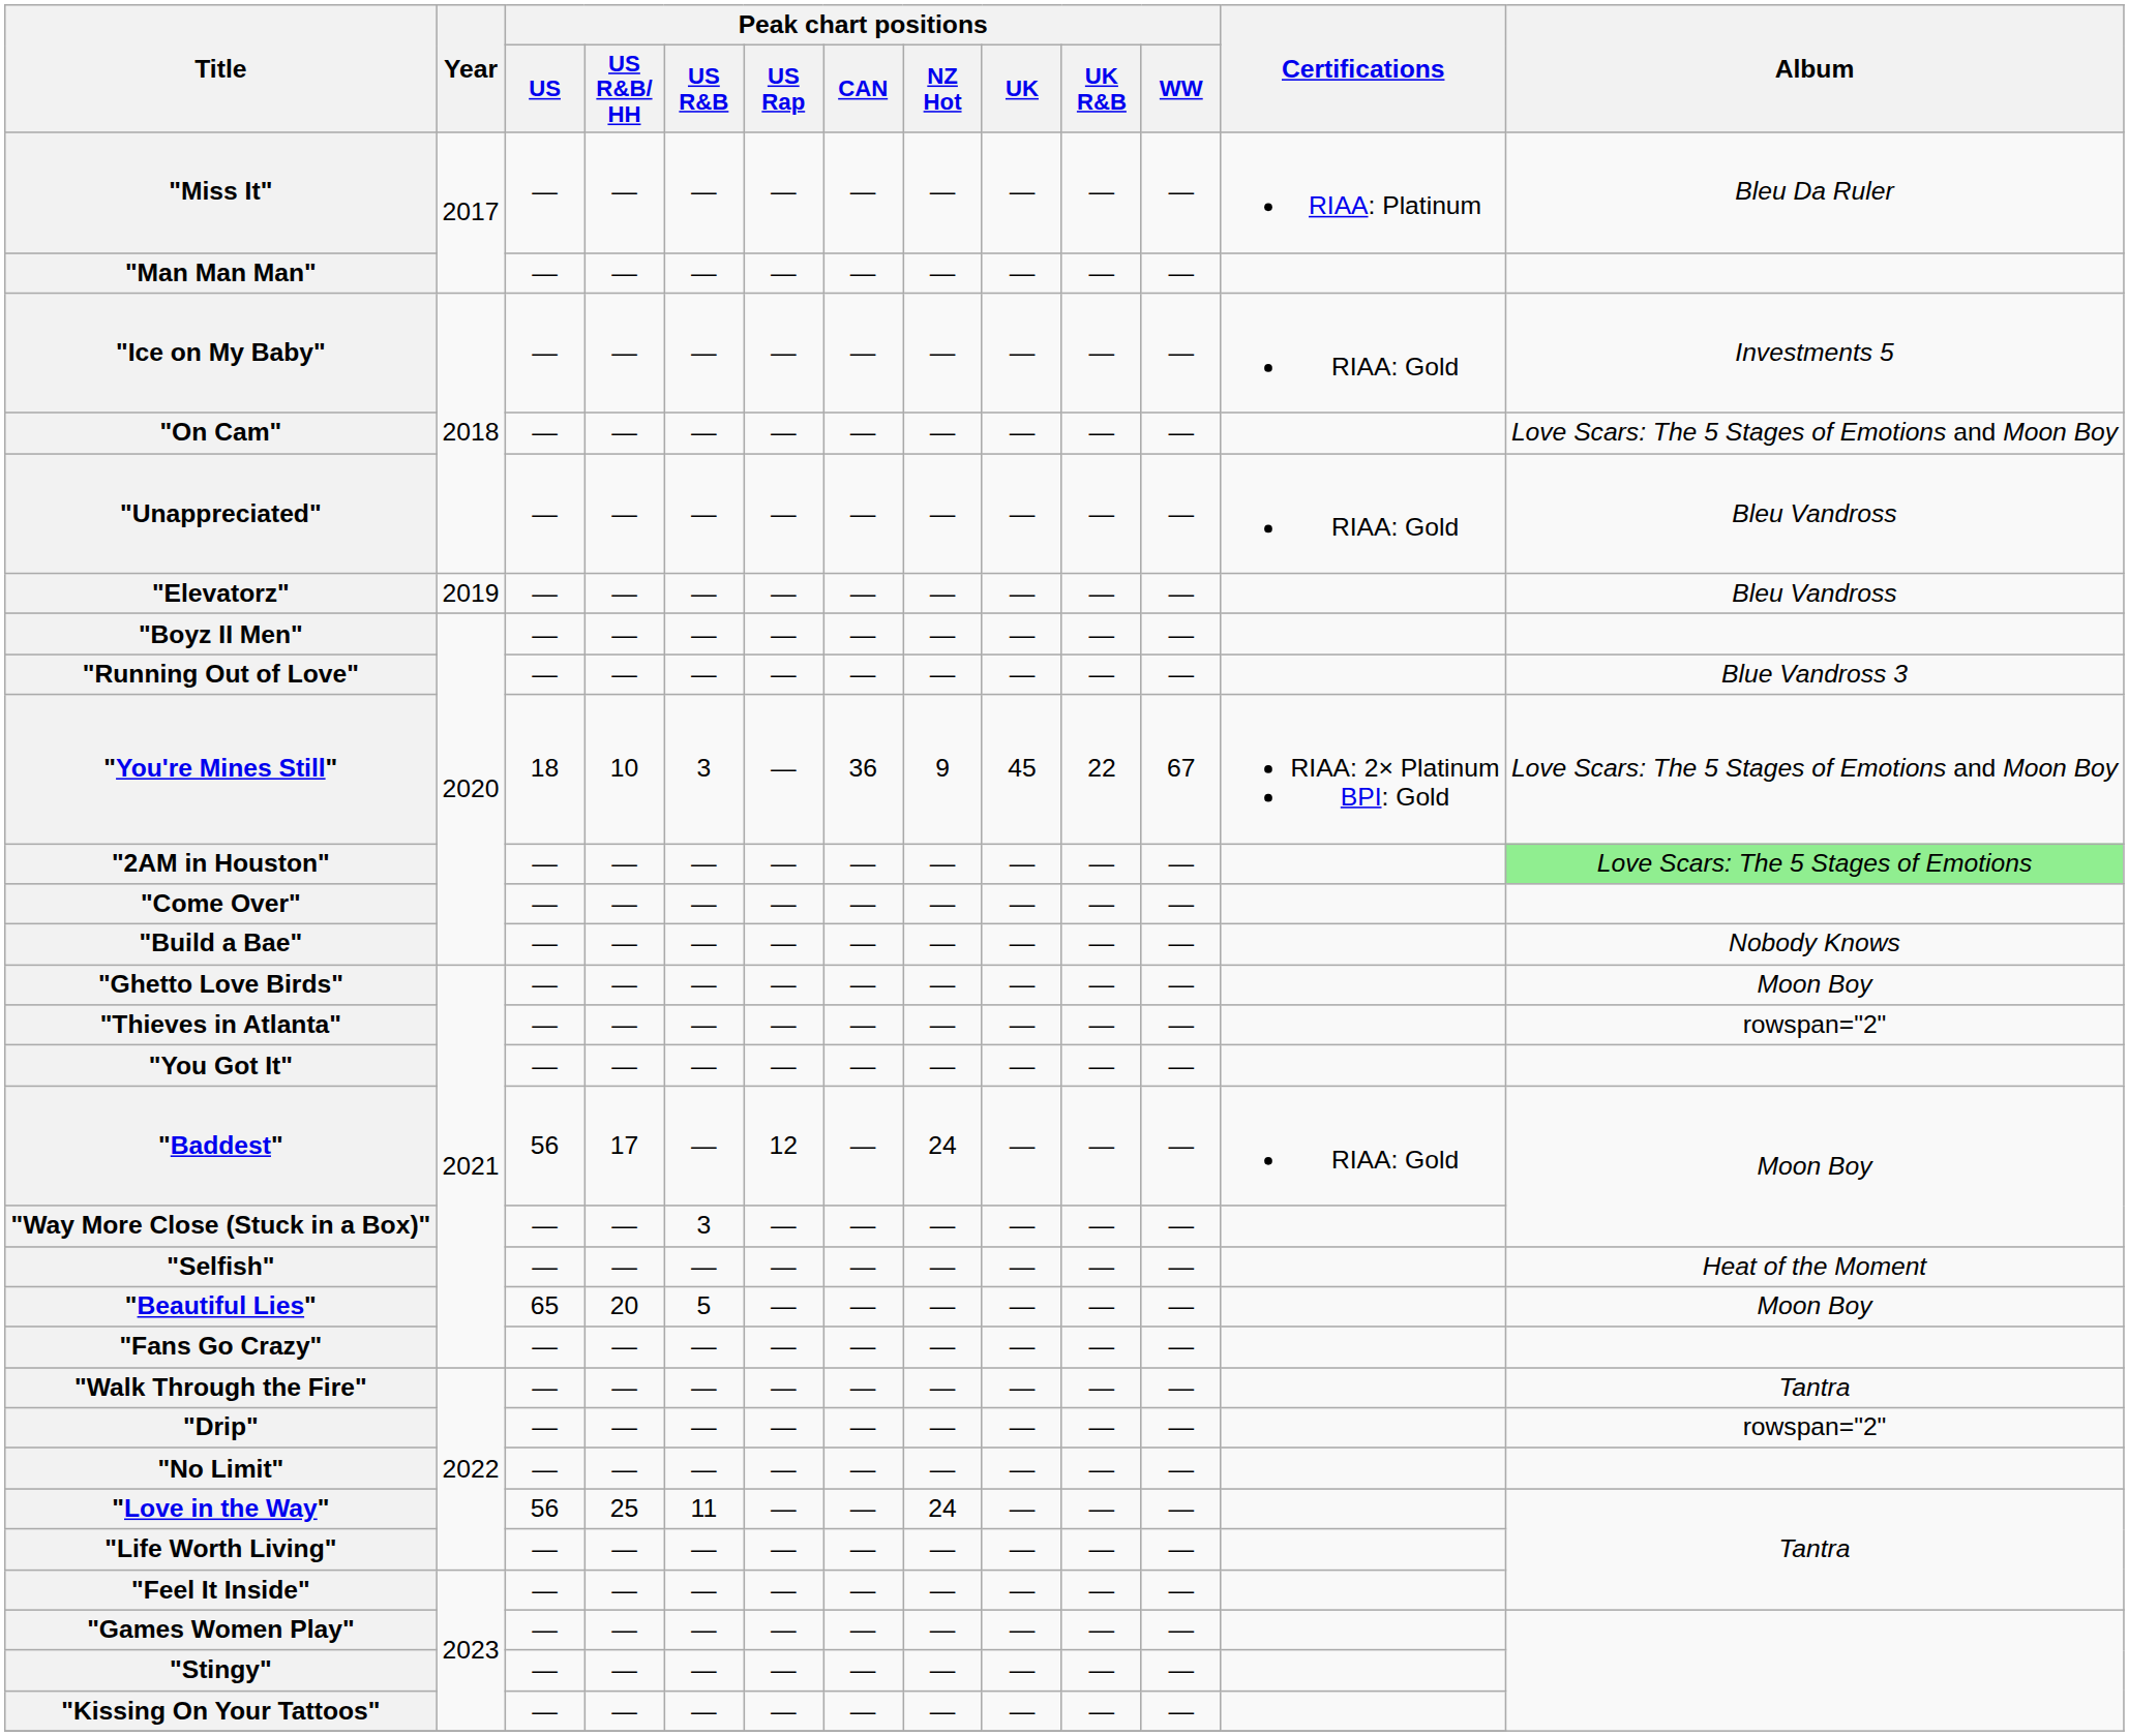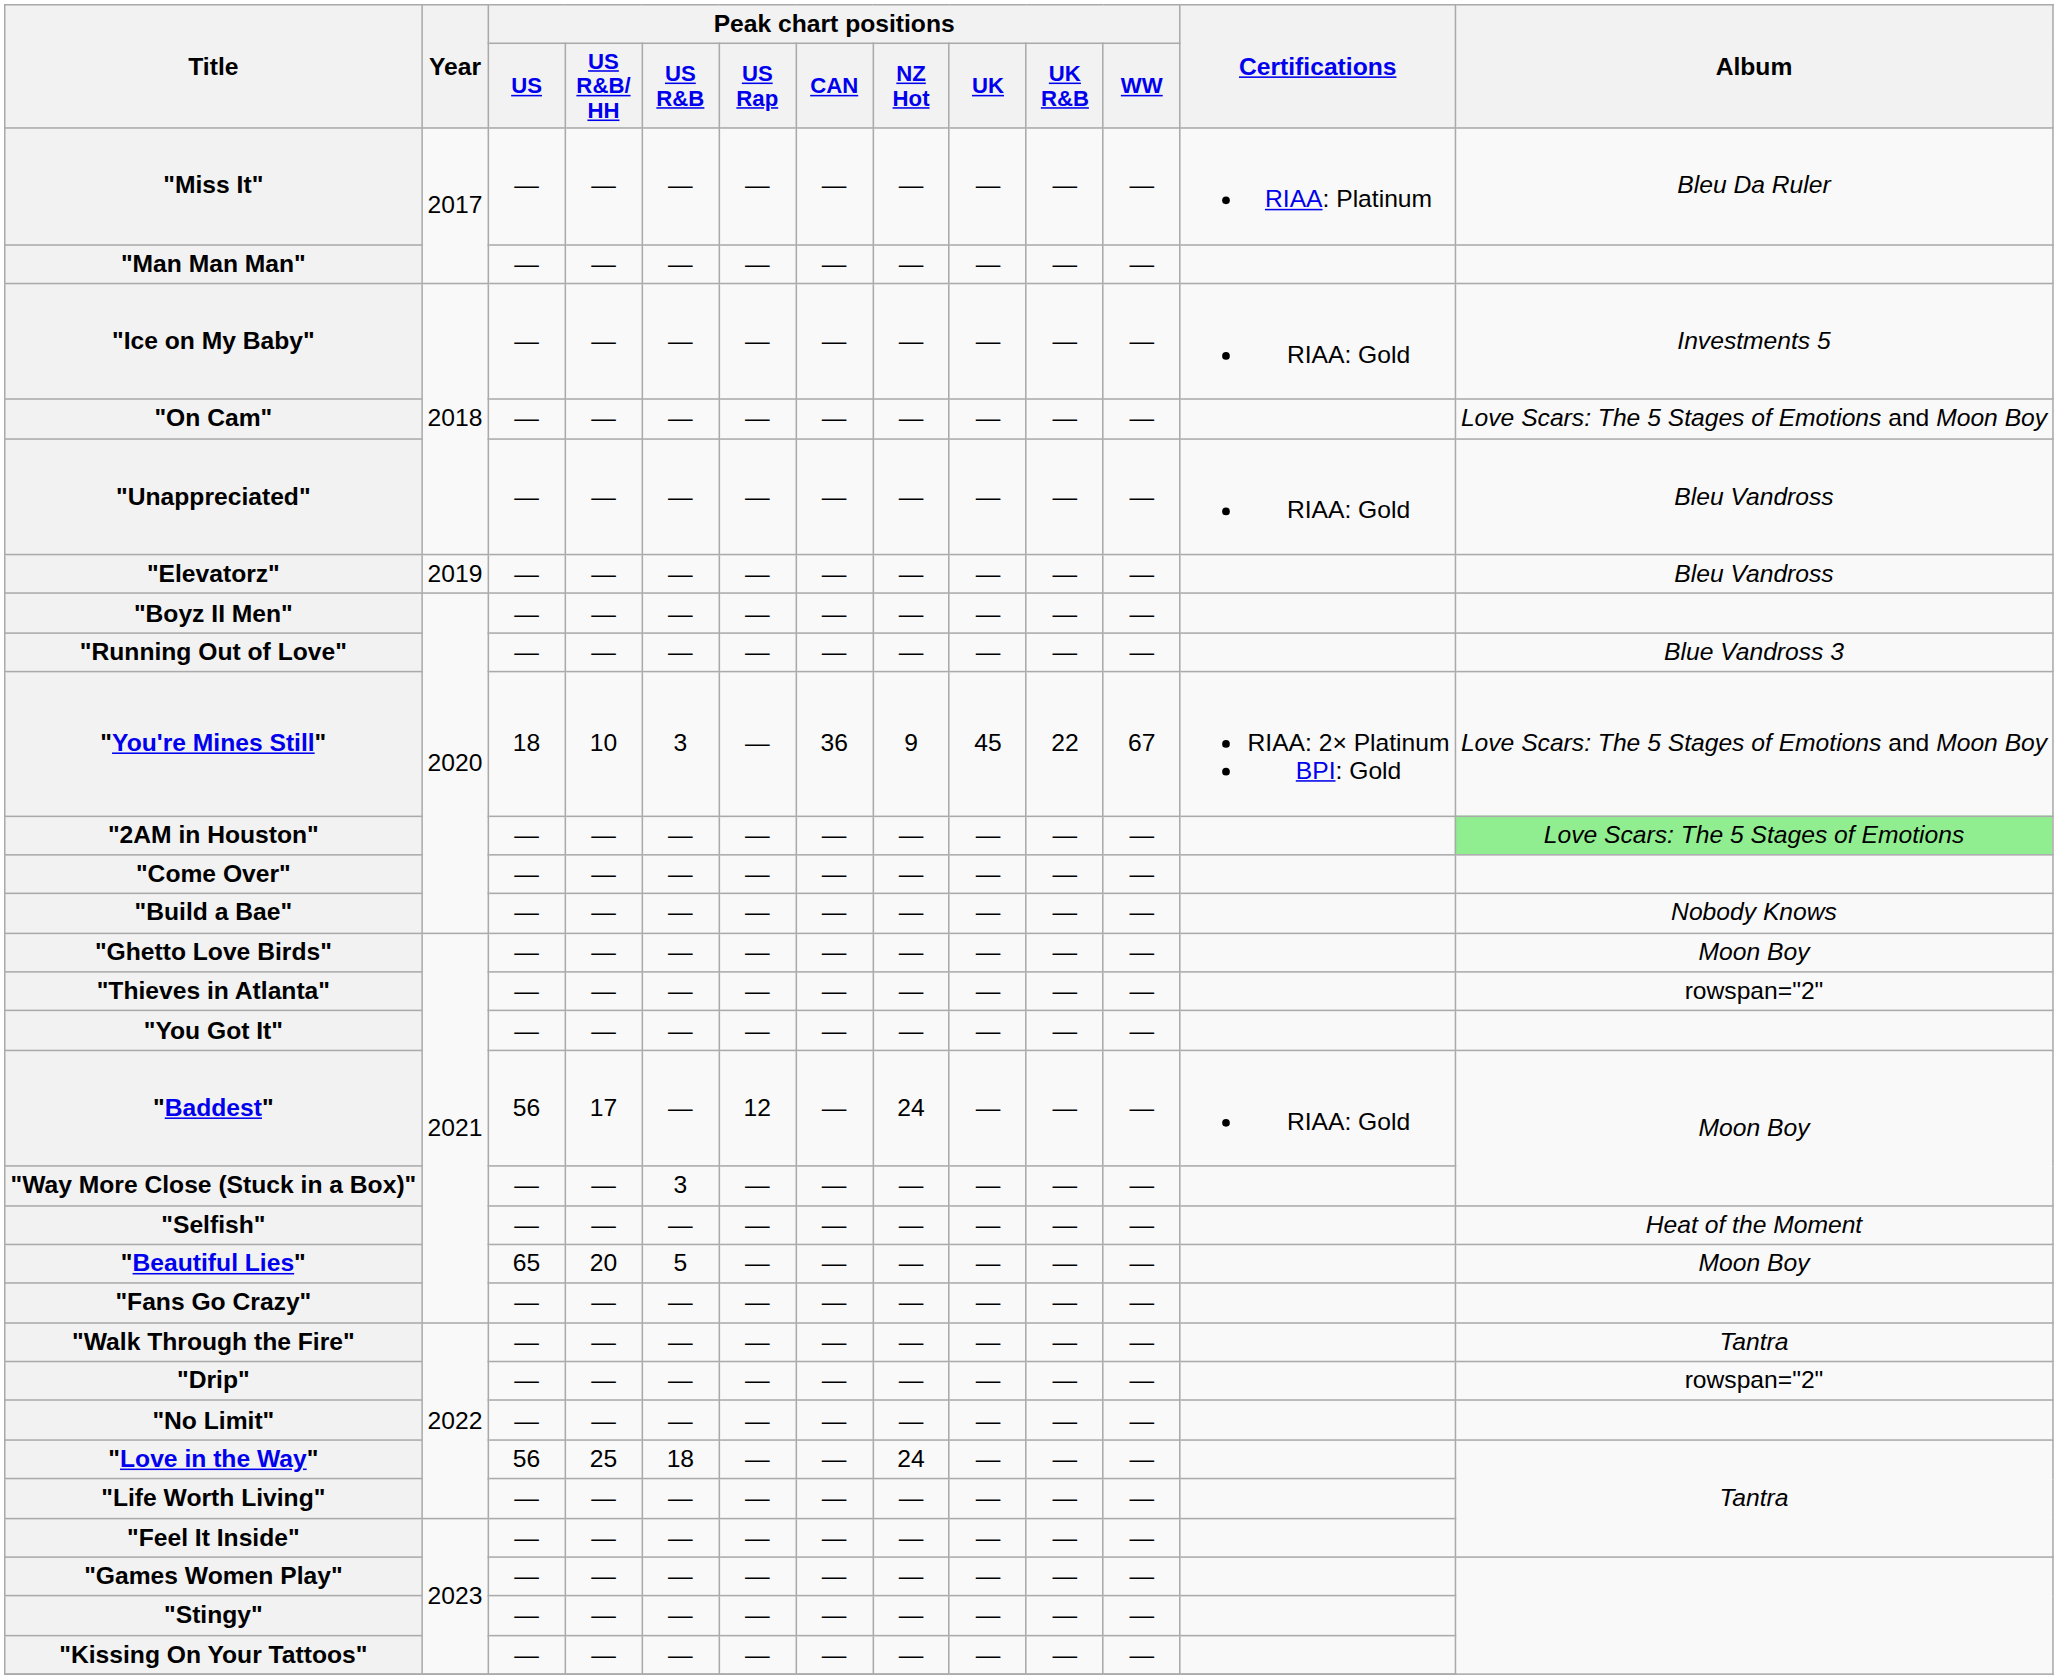 <table class="wikitable plainrowheaders" style="text-align:center">
 <tr>
 <th rowspan="2">Title</th>
 <th rowspan="2">Year</th>
 <th colspan="9">Peak chart positions</th>
 <th scope="col" rowspan="2"><a href='#'>Certifications</a></th>
 <th rowspan="2">Album</th>
 </tr>
 <tr>
 <th scope="col" style="width:3em;font-size:90%;"><a href='#'>US</a><br></th>
 <th scope="col" style="width:3em;font-size:90%;"><a href='#'>US<br>R&B/<br>HH</a><br></th>
 <th scope="col" style="width:3em;font-size:90%;"><a href='#'>US<br>R&B</a><br></th>
 <th scope="col" style="width:3em;font-size:90%;"><a href='#'>US<br>Rap</a><br></th>
 <th scope="col" style="width:3em;font-size:90%;"><a href='#'>CAN</a><br></th>
 <th scope="col" style="width:3em;font-size:90%;"><a href='#'>NZ<br>Hot</a><br></th>
 <th scope="col" style="width:3em;font-size:90%;"><a href='#'>UK</a><br></th>
 <th scope="col" style="width:3em;font-size:90%;"><a href='#'>UK<br>R&B</a><br></th>
 <th scope="col" style="width:3em;font-size:90%;"><a href='#'>WW</a><br></th>
 </tr>
 <tr>
 <th scope="row">"Miss It"<br></th>
 <td rowspan="2">2017</td>
 <td>—</td>
 <td>—</td>
 <td>—</td>
 <td>—</td>
 <td>—</td>
 <td>—</td>
 <td>—</td>
 <td>—</td>
 <td>—</td>
 <td><br><ul><li><a href='#'>RIAA</a>: Platinum</li></ul></td>
 <td><em>Bleu Da Ruler</em></td>
 </tr>
 <tr>
 <th scope="row">"Man Man Man"<br></th>
 <td>—</td>
 <td>—</td>
 <td>—</td>
 <td>—</td>
 <td>—</td>
 <td>—</td>
 <td>—</td>
 <td>—</td>
 <td>—</td>
 <td></td>
 <td></td>
 </tr>
 <tr>
 <th scope="row">"Ice on My Baby"<br></th>
 <td rowspan=3>2018</td>
 <td>—</td>
 <td>—</td>
 <td>—</td>
 <td>—</td>
 <td>—</td>
 <td>—</td>
 <td>—</td>
 <td>—</td>
 <td>—</td>
 <td><br><ul><li>RIAA: Gold</li></ul></td>
 <td><em>Investments 5</em></td>
 </tr>
 <tr>
 <th scope="row">"On Cam"<br></th>
 <td>—</td>
 <td>—</td>
 <td>—</td>
 <td>—</td>
 <td>—</td>
 <td>—</td>
 <td>—</td>
 <td>—</td>
 <td>—</td>
 <td></td>
 <td><em>Love Scars: The 5 Stages of Emotions</em> and <em>Moon Boy</em></td>
 </tr>
 <tr>
 <th scope="row">"Unappreciated"</th>
 <td>—</td>
 <td>—</td>
 <td>—</td>
 <td>—</td>
 <td>—</td>
 <td>—</td>
 <td>—</td>
 <td>—</td>
 <td>—</td>
 <td><br><ul><li>RIAA: Gold</li></ul></td>
 <td><em>Bleu Vandross</em></td>
 </tr>
 <tr>
 <th scope="row">"Elevatorz"<br></th>
 <td>2019</td>
 <td>—</td>
 <td>—</td>
 <td>—</td>
 <td>—</td>
 <td>—</td>
 <td>—</td>
 <td>—</td>
 <td>—</td>
 <td>—</td>
 <td></td>
 <td><em>Bleu Vandross</em></td>
 </tr>
 <tr>
 <th scope="row">"Boyz II Men"</th>
 <td rowspan="6">2020</td>
 <td>—</td>
 <td>—</td>
 <td>—</td>
 <td>—</td>
 <td>—</td>
 <td>—</td>
 <td>—</td>
 <td>—</td>
 <td>—</td>
 <td></td>
 <td></td>
 </tr>
 <tr>
 <th scope="row">"Running Out of Love"</th>
 <td>—</td>
 <td>—</td>
 <td>—</td>
 <td>—</td>
 <td>—</td>
 <td>—</td>
 <td>—</td>
 <td>—</td>
 <td>—</td>
 <td></td>
 <td><em>Blue Vandross 3</em></td>
 </tr>
 <tr>
 <th scope="row">"<a href='#'>You're Mines Still</a>"<br></th>
 <td>18</td>
 <td>10</td>
 <td>3</td>
 <td>—</td>
 <td>36</td>
 <td>9</td>
 <td>45</td>
 <td>22</td>
 <td>67</td>
 <td><br><ul><li>RIAA: 2× Platinum</li><li><a href='#'>BPI</a>: Gold</li></ul></td>
 <td><em>Love Scars: The 5 Stages of Emotions</em> and <em>Moon Boy</em></td>
 </tr>
 <tr>
 <th scope="row">"2AM in Houston"</th>
 <td>—</td>
 <td>—</td>
 <td>—</td>
 <td>—</td>
 <td>—</td>
 <td>—</td>
 <td>—</td>
 <td>—</td>
 <td>—</td>
 <td></td>
 <td style="background: lightgreen;"><em>Love Scars: The 5 Stages of Emotions</em></td>
 </tr>
 <tr>
 <th scope="row">"Come Over"<br></th>
 <td>—</td>
 <td>—</td>
 <td>—</td>
 <td>—</td>
 <td>—</td>
 <td>—</td>
 <td>—</td>
 <td>—</td>
 <td>—</td>
 <td></td>
 <td></td>
 </tr>
 <tr>
 <th scope="row">"Build a Bae"<br></th>
 <td>—</td>
 <td>—</td>
 <td>—</td>
 <td>—</td>
 <td>—</td>
 <td>—</td>
 <td>—</td>
 <td>—</td>
 <td>—</td>
 <td></td>
 <td><em>Nobody Knows</em></td>
 </tr>
 <tr>
 <th scope="row">"Ghetto Love Birds"<br></th>
 <td rowspan="8">2021</td>
 <td>—</td>
 <td>—</td>
 <td>—</td>
 <td>—</td>
 <td>—</td>
 <td>—</td>
 <td>—</td>
 <td>—</td>
 <td>—</td>
 <td></td>
 <td><em>Moon Boy</em></td>
 </tr>
 <tr>
 <th scope="row">"Thieves in Atlanta"<br></th>
 <td>—</td>
 <td>—</td>
 <td>—</td>
 <td>—</td>
 <td>—</td>
 <td>—</td>
 <td>—</td>
 <td>—</td>
 <td>—</td>
 <td></td>
 <td>rowspan="2" </td>
 </tr>
 <tr>
 <th scope="row">"You Got It" </th>
 <td>—</td>
 <td>—</td>
 <td>—</td>
 <td>—</td>
 <td>—</td>
 <td>—</td>
 <td>—</td>
 <td>—</td>
 <td>—</td>
 <td></td>
 </tr>
 <tr>
 <th scope="row">"<a href='#'>Baddest</a>"<br></th>
 <td>56</td>
 <td>17</td>
 <td>—</td>
 <td>12</td>
 <td>—</td>
 <td>24</td>
 <td>—</td>
 <td>—</td>
 <td>—</td>
 <td><br><ul><li>RIAA: Gold</li></ul></td>
 <td rowspan="2"><em>Moon Boy</em></td>
 </tr>
 <tr>
 <th scope="row">"Way More Close (Stuck in a Box)"<br></th>
 <td>—</td>
 <td>—</td>
 <td>3</td>
 <td>—</td>
 <td>—</td>
 <td>—</td>
 <td>—</td>
 <td>—</td>
 <td>—</td>
 <td></td>
 </tr>
 <tr>
 <th scope="row">"Selfish"<br></th>
 <td>—</td>
 <td>—</td>
 <td>—</td>
 <td>—</td>
 <td>—</td>
 <td>—</td>
 <td>—</td>
 <td>—</td>
 <td>—</td>
 <td></td>
 <td><em>Heat of the Moment</em></td>
 </tr>
 <tr>
 <th scope="row">"<a href='#'>Beautiful Lies</a>"<br></th>
 <td>65</td>
 <td>20</td>
 <td>5</td>
 <td>—</td>
 <td>—</td>
 <td>—</td>
 <td>—</td>
 <td>—</td>
 <td>—</td>
 <td></td>
 <td><em>Moon Boy</em></td>
 </tr>
 <tr>
 <th scope="row">"Fans Go Crazy"<br></th>
 <td>—</td>
 <td>—</td>
 <td>—</td>
 <td>—</td>
 <td>—</td>
 <td>—</td>
 <td>—</td>
 <td>—</td>
 <td>—</td>
 <td></td>
 <td></td>
 </tr>
 <tr>
 <th scope="row">"Walk Through the Fire"<br></th>
 <td rowspan="5">2022</td>
 <td>—</td>
 <td>—</td>
 <td>—</td>
 <td>—</td>
 <td>—</td>
 <td>—</td>
 <td>—</td>
 <td>—</td>
 <td>—</td>
 <td></td>
 <td><em>Tantra</em></td>
 </tr>
 <tr>
 <th scope="row">"Drip"<br></th>
 <td>—</td>
 <td>—</td>
 <td>—</td>
 <td>—</td>
 <td>—</td>
 <td>—</td>
 <td>—</td>
 <td>—</td>
 <td>—</td>
 <td></td>
 <td>rowspan="2" </td>
 </tr>
 <tr>
 <th scope="row">"No Limit"<br></th>
 <td>—</td>
 <td>—</td>
 <td>—</td>
 <td>—</td>
 <td>—</td>
 <td>—</td>
 <td>—</td>
 <td>—</td>
 <td>—</td>
 <td></td>
 </tr>
 <tr>
 <th scope="row">"<a href='#'>Love in the Way</a>"<br></th>
 <td>56</td>
 <td>25</td>
-<td>11</td>
+<td>18</td>
 <td>—</td>
 <td>—</td>
 <td>24</td>
 <td>—</td>
 <td>—</td>
 <td>—</td>
 <td></td>
 <td rowspan="3"><em>Tantra</em></td>
 </tr>
 <tr>
 <th scope="row">"Life Worth Living"<br></th>
 <td>—</td>
 <td>—</td>
 <td>—</td>
 <td>—</td>
 <td>—</td>
 <td>—</td>
 <td>—</td>
 <td>—</td>
 <td>—</td>
 <td></td>
 </tr>
 <tr>
 <th scope="row">"Feel It Inside"<br></th>
 <td rowspan="4">2023</td>
 <td>—</td>
 <td>—</td>
 <td>—</td>
 <td>—</td>
 <td>—</td>
 <td>—</td>
 <td>—</td>
 <td>—</td>
 <td>—</td>
 <td></td>
 </tr>
 <tr>
 <th scope="row">"Games Women Play"</th>
 <td>—</td>
 <td>—</td>
 <td>—</td>
 <td>—</td>
 <td>—</td>
 <td>—</td>
 <td>—</td>
 <td>—</td>
 <td>—</td>
 <td></td>
 </tr>
 <tr>
 <th scope="row">"Stingy"<br></th>
 <td>—</td>
 <td>—</td>
 <td>—</td>
 <td>—</td>
 <td>—</td>
 <td>—</td>
 <td>—</td>
 <td>—</td>
 <td>—</td>
 <td></td>
 </tr>
 <tr>
 <th scope="row">"Kissing On Your Tattoos"</th>
 <td>—</td>
 <td>—</td>
 <td>—</td>
 <td>—</td>
 <td>—</td>
 <td>—</td>
 <td>—</td>
 <td>—</td>
 <td>—</td>
 <td></td>
 </tr>
 <tr>
 </tr>
 </table>
